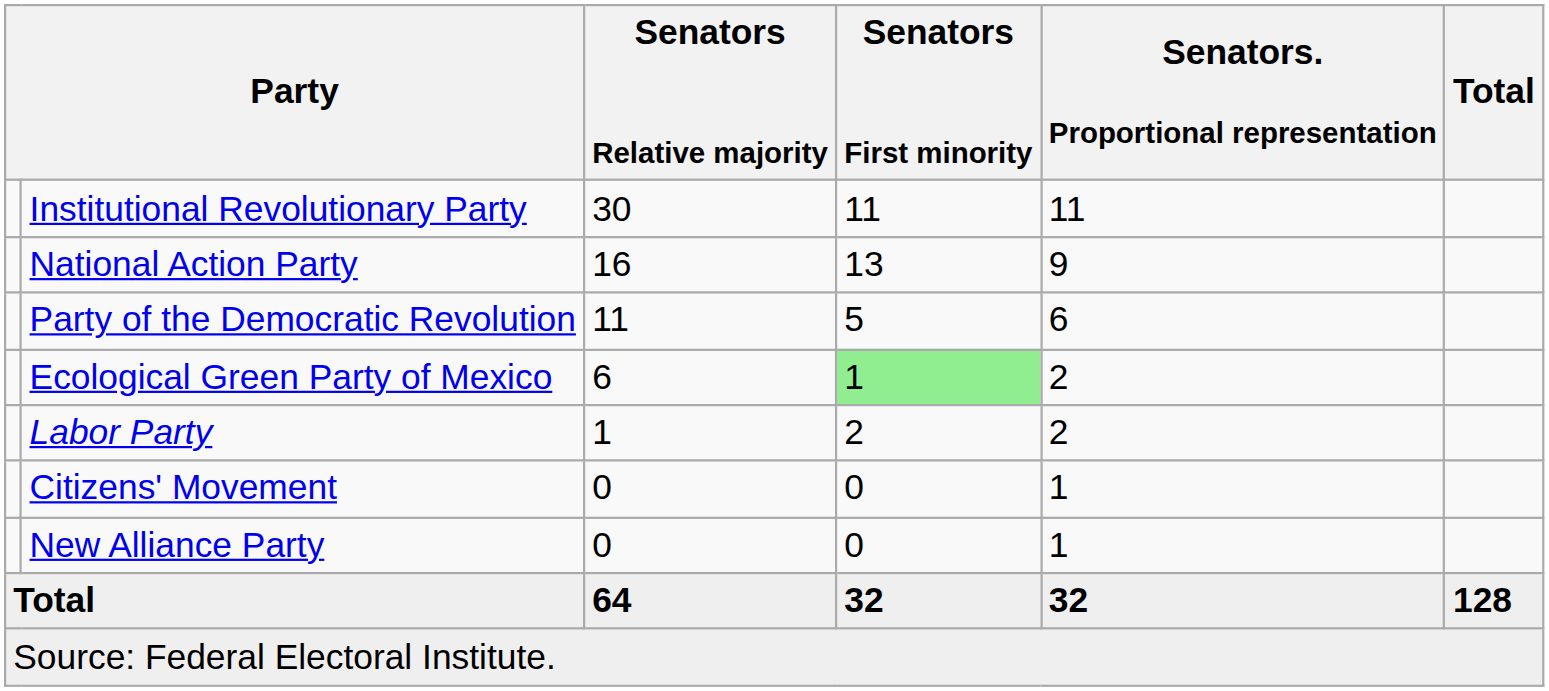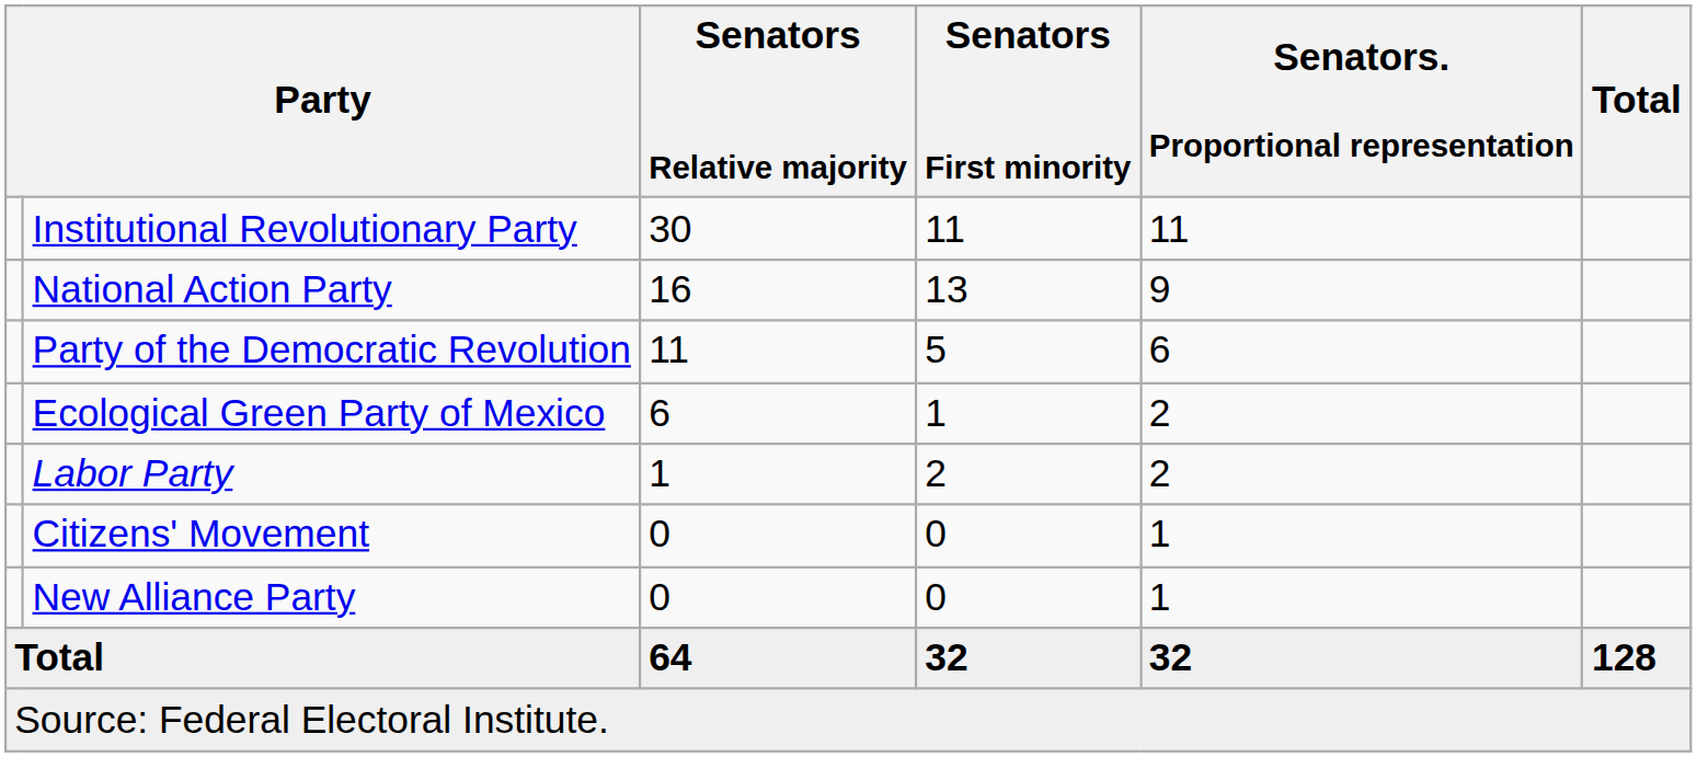 <table class="wikitable" style="margin-bottom: 10px;">
 <tr>
 <th colspan="2">Party</th>
 <th><strong>Senators</strong><br><br><br> <small>Relative majority</small></th>
 <th><strong>Senators</strong><br><br><br> <small>First minority</small></th>
 <th>Senators.<br><br> <small>Proportional representation</small></th>
 <th><strong>Total</strong></th>
 </tr>
 <tr>
 <td></td>
 <td><a href='#'>Institutional Revolutionary Party</a></td>
 <td>30</td>
 <td>11</td>
 <td>11</td>
 <td></td>
 </tr>
 <tr>
 <td></td>
 <td><a href='#'>National Action Party</a></td>
 <td>16</td>
 <td>13</td>
 <td>9</td>
 <td></td>
 </tr>
 <tr>
 <td></td>
 <td><a href='#'>Party of the Democratic Revolution</a></td>
 <td>11</td>
 <td>5</td>
 <td>6</td>
 <td></td>
 </tr>
 <tr>
 <td></td>
 <td><a href='#'>Ecological Green Party of Mexico</a></td>
 <td>6</td>
-<td style="background: lightgreen;">1</td>
+<td>1</td>
 <td>2</td>
 <td></td>
 </tr>
 <tr>
 <td></td>
 <td><em><a href='#'>Labor Party</a></em></td>
 <td>1</td>
 <td>2</td>
 <td>2</td>
 <td></td>
 </tr>
 <tr>
 <td></td>
 <td><a href='#'>Citizens' Movement</a></td>
 <td>0</td>
 <td>0</td>
 <td>1</td>
 <td></td>
 </tr>
 <tr>
 <td></td>
 <td><a href='#'>New Alliance Party</a></td>
 <td>0</td>
 <td>0</td>
 <td>1</td>
 <td></td>
 </tr>
 <tr style="background:#efefef;">
 <td colspan="2"><strong>Total</strong></td>
 <td><strong>64</strong></td>
 <td><strong>32</strong></td>
 <td><strong>32</strong></td>
 <td><strong>128</strong></td>
 </tr>
 <tr style="background:#efefef;">
 <td colspan="6">Source: Federal Electoral Institute.</td>
 </tr>
 </table>
